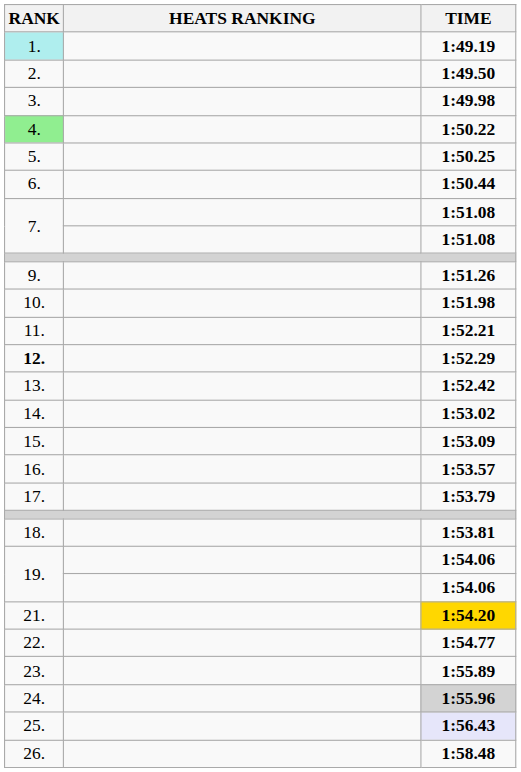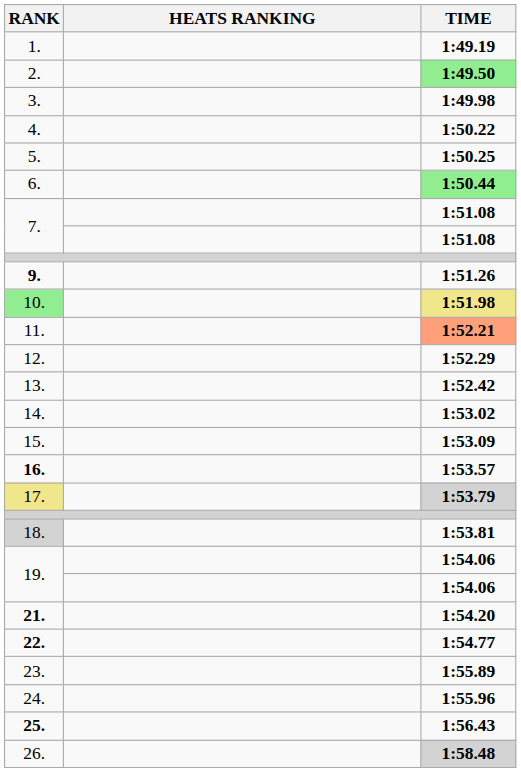 <table class="wikitable">
 <tr>
 <th>RANK</th>
 <th style="width: 20em">HEATS RANKING</th>
 <th style="width: 5em">TIME</th>
 </tr>
 <tr>
-<td align="center" style="background: paleturquoise;">1.</td>
+<td align="center">1.</td>
 <td></td>
 <td align="center"><strong>1:49.19</strong></td>
 </tr>
 <tr>
 <td align="center">2.</td>
 <td></td>
-<td align="center"><strong>1:49.50</strong></td>
+<td align="center" style="background: lightgreen;"><strong>1:49.50</strong></td>
 </tr>
 <tr>
 <td align="center">3.</td>
 <td></td>
 <td align="center"><strong>1:49.98</strong></td>
 </tr>
 <tr>
-<td align="center" style="background: lightgreen;">4.</td>
+<td align="center">4.</td>
 <td></td>
 <td align="center"><strong>1:50.22</strong></td>
 </tr>
 <tr>
 <td align="center">5.</td>
 <td></td>
 <td align="center"><strong>1:50.25</strong></td>
 </tr>
 <tr>
 <td align="center">6.</td>
 <td></td>
-<td align="center"><strong>1:50.44</strong></td>
+<td align="center" style="background: lightgreen;"><strong>1:50.44</strong></td>
 </tr>
 <tr>
 <td rowspan=2 align="center">7.</td>
 <td></td>
 <td align="center"><strong>1:51.08</strong></td>
 </tr>
 <tr>
 <td></td>
 <td align="center"><strong>1:51.08</strong></td>
 </tr>
 <tr>
 <td colspan=3 bgcolor=lightgray></td>
 </tr>
 <tr>
-<td align="center">9.</td>
+<td align="center"><strong>9.</strong></td>
 <td> </td>
 <td align="center"><strong>1:51.26</strong></td>
 </tr>
 <tr>
-<td align="center">10.</td>
+<td align="center" style="background: lightgreen;">10.</td>
 <td></td>
-<td align="center"><strong>1:51.98</strong></td>
+<td align="center" style="background: khaki;"><strong>1:51.98</strong></td>
 </tr>
 <tr>
 <td align="center">11.</td>
 <td></td>
-<td align="center"><strong>1:52.21</strong></td>
+<td align="center" style="background: lightsalmon;"><strong>1:52.21</strong></td>
 </tr>
 <tr>
-<td align="center"><strong>12.</strong></td>
+<td align="center">12.</td>
 <td></td>
 <td align="center"><strong>1:52.29</strong></td>
 </tr>
 <tr>
 <td align="center">13.</td>
 <td></td>
 <td align="center"><strong>1:52.42</strong></td>
 </tr>
 <tr>
 <td align="center">14.</td>
 <td></td>
 <td align="center"><strong>1:53.02</strong></td>
 </tr>
 <tr>
 <td align="center">15.</td>
 <td></td>
 <td align="center"><strong>1:53.09</strong></td>
 </tr>
 <tr>
-<td align="center">16.</td>
+<td align="center"><strong>16.</strong></td>
 <td></td>
 <td align="center"><strong>1:53.57</strong></td>
 </tr>
 <tr>
-<td align="center">17.</td>
+<td align="center" style="background: khaki;">17.</td>
 <td></td>
-<td align="center"><strong>1:53.79</strong></td>
+<td align="center" style="background: lightgrey;"><strong>1:53.79</strong></td>
 </tr>
 <tr>
 <td colspan=3 bgcolor=lightgray></td>
 </tr>
 <tr>
-<td align="center">18.</td>
+<td align="center" style="background: lightgrey;">18.</td>
 <td></td>
 <td align="center"><strong>1:53.81</strong></td>
 </tr>
 <tr>
 <td rowspan=2 align="center">19.</td>
 <td></td>
 <td align="center"><strong>1:54.06</strong></td>
 </tr>
 <tr>
 <td></td>
 <td align="center"><strong>1:54.06</strong></td>
 </tr>
 <tr>
-<td align="center">21.</td>
+<td align="center"><strong>21.</strong></td>
 <td></td>
-<td align="center" style="background: gold;"><strong>1:54.20</strong></td>
+<td align="center"><strong>1:54.20</strong></td>
 </tr>
 <tr>
-<td align="center">22.</td>
+<td align="center"><strong>22.</strong></td>
 <td></td>
 <td align="center"><strong>1:54.77</strong></td>
 </tr>
 <tr>
 <td align="center">23.</td>
 <td></td>
 <td align="center"><strong>1:55.89</strong></td>
 </tr>
 <tr>
 <td align="center">24.</td>
 <td></td>
-<td align="center" style="background: lightgrey;"><strong>1:55.96</strong></td>
+<td align="center"><strong>1:55.96</strong></td>
 </tr>
 <tr>
-<td align="center">25.</td>
+<td align="center"><strong>25.</strong></td>
 <td></td>
-<td align="center" style="background: lavender;"><strong>1:56.43</strong></td>
+<td align="center"><strong>1:56.43</strong></td>
 </tr>
 <tr>
 <td align="center">26.</td>
 <td></td>
-<td align="center"><strong>1:58.48</strong></td>
+<td align="center" style="background: lightgrey;"><strong>1:58.48</strong></td>
 </tr>
 </table>
